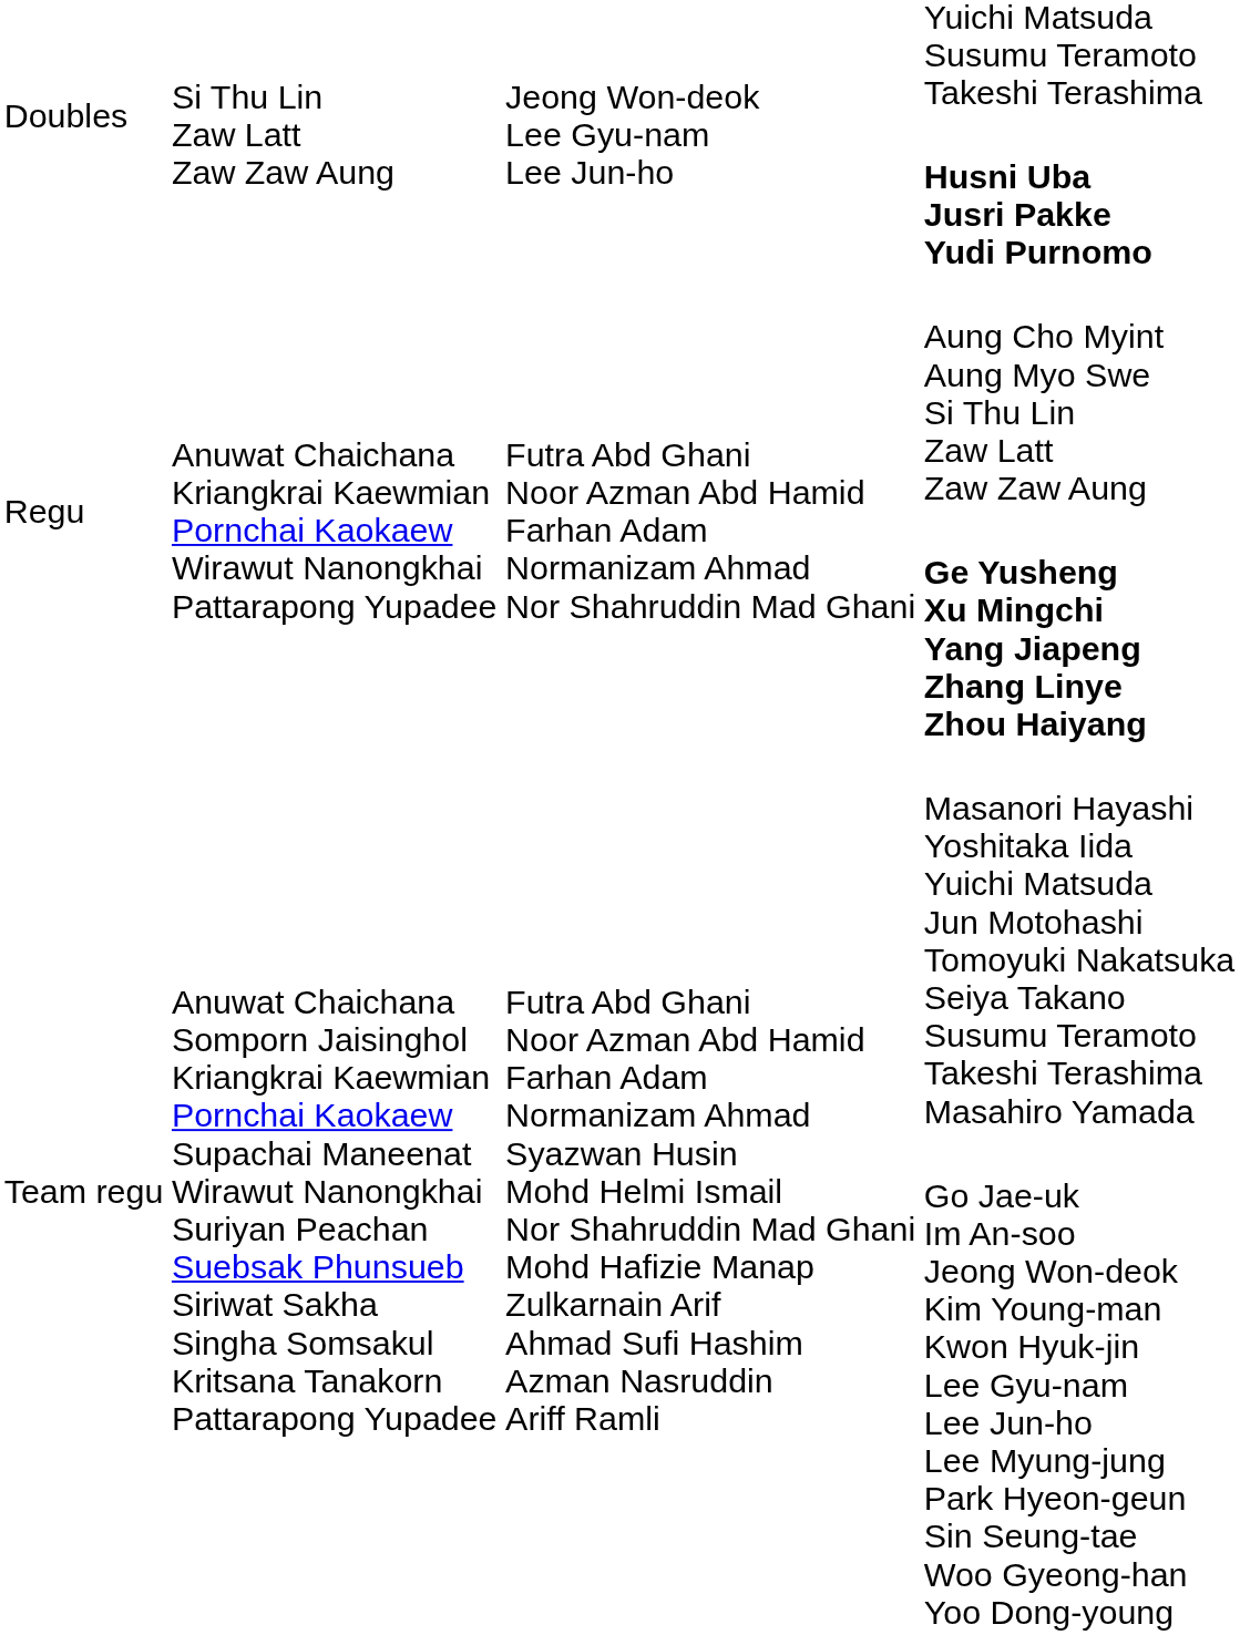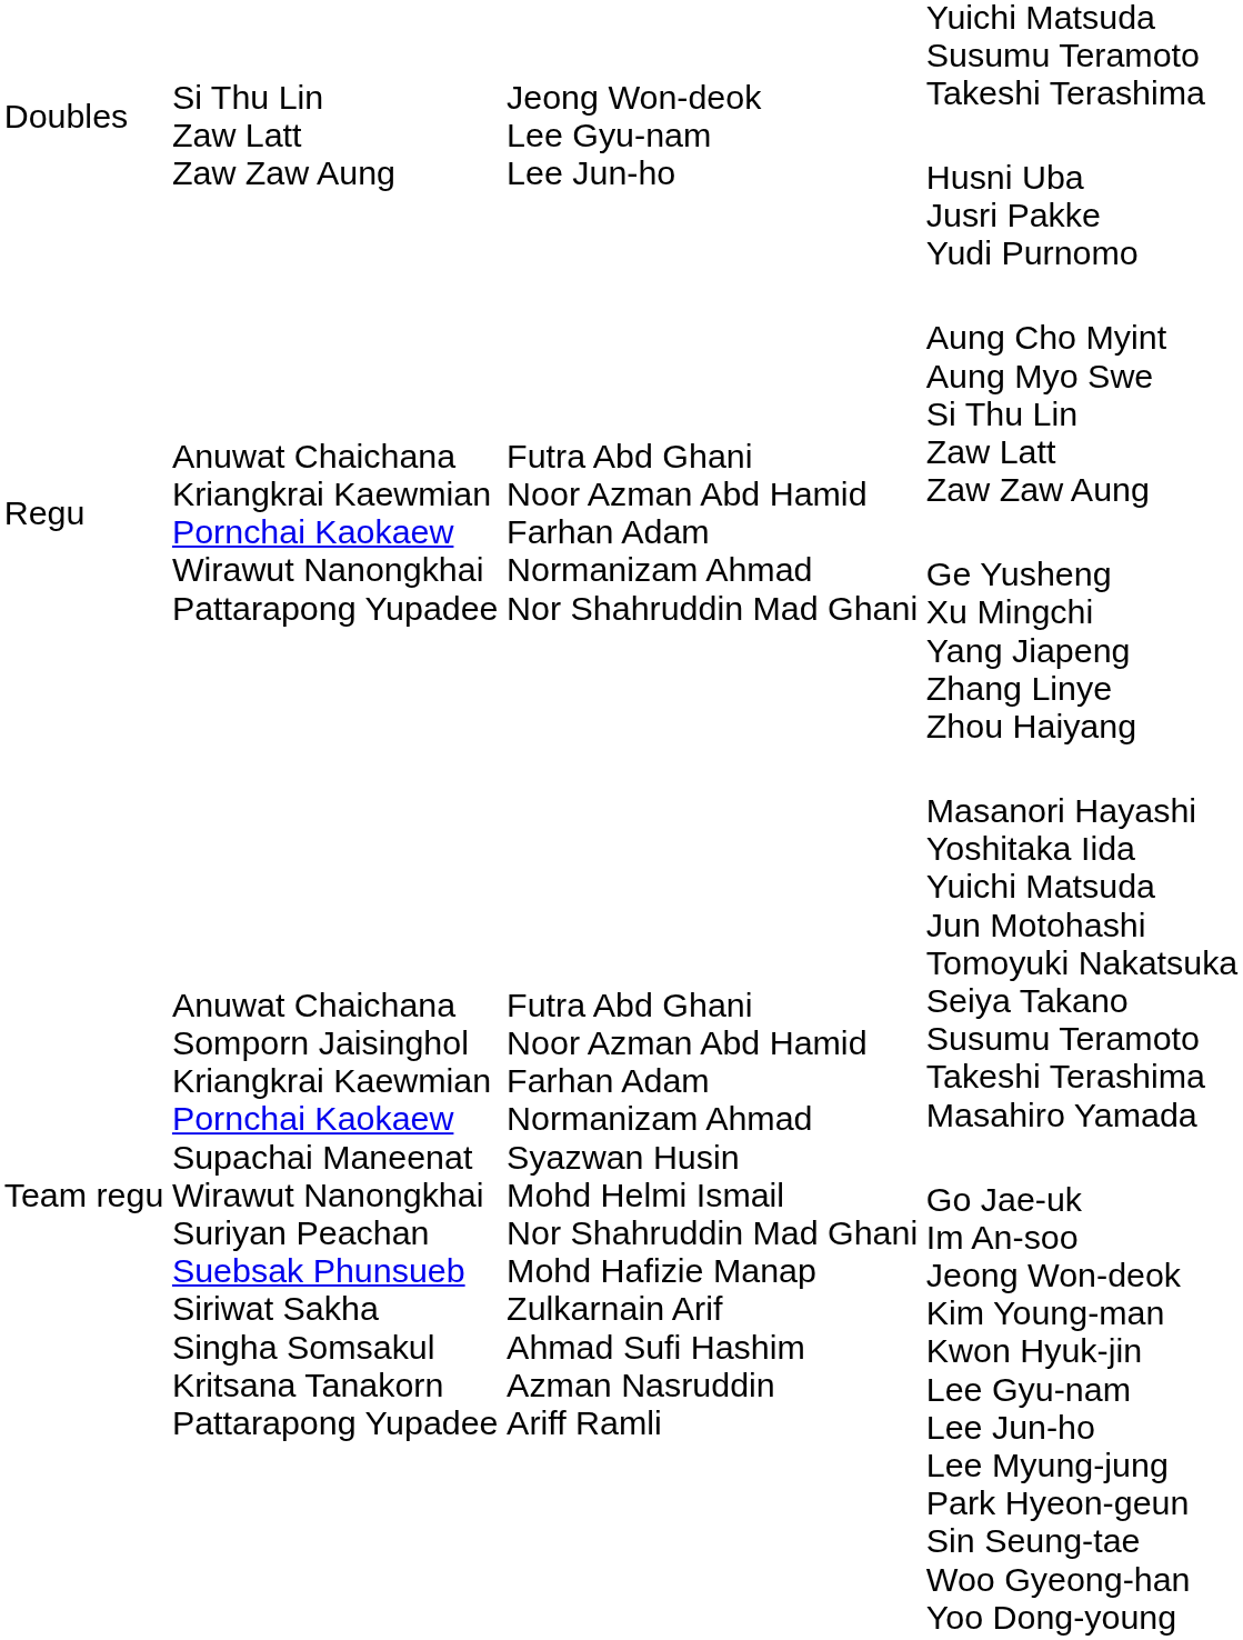 <table>
 <tr>
 <td rowspan=2>Doubles<br></td>
 <td rowspan=2><br>Si Thu Lin<br>Zaw Latt<br>Zaw Zaw Aung</td>
 <td rowspan=2><br>Jeong Won-deok<br>Lee Gyu-nam<br>Lee Jun-ho</td>
 <td><br>Yuichi Matsuda<br>Susumu Teramoto<br>Takeshi Terashima</td>
 </tr>
 <tr>
-<td><strong><br>Husni Uba<br>Jusri Pakke<br>Yudi Purnomo</strong></td>
+<td><br>Husni Uba<br>Jusri Pakke<br>Yudi Purnomo</td>
 </tr>
 <tr>
 <td rowspan=2>Regu<br></td>
 <td rowspan=2><br>Anuwat Chaichana<br>Kriangkrai Kaewmian<br><a href='#'>Pornchai Kaokaew</a><br>Wirawut Nanongkhai<br>Pattarapong Yupadee</td>
 <td rowspan=2><br>Futra Abd Ghani<br>Noor Azman Abd Hamid<br>Farhan Adam<br>Normanizam Ahmad<br>Nor Shahruddin Mad Ghani</td>
 <td><br>Aung Cho Myint<br>Aung Myo Swe<br>Si Thu Lin<br>Zaw Latt<br>Zaw Zaw Aung</td>
 </tr>
 <tr>
-<td><strong><br>Ge Yusheng<br>Xu Mingchi<br>Yang Jiapeng<br>Zhang Linye<br>Zhou Haiyang</strong></td>
+<td><br>Ge Yusheng<br>Xu Mingchi<br>Yang Jiapeng<br>Zhang Linye<br>Zhou Haiyang</td>
 </tr>
 <tr>
 <td rowspan=2>Team regu<br></td>
 <td rowspan=2><br>Anuwat Chaichana<br>Somporn Jaisinghol<br>Kriangkrai Kaewmian<br><a href='#'>Pornchai Kaokaew</a><br>Supachai Maneenat<br>Wirawut Nanongkhai<br>Suriyan Peachan<br><a href='#'>Suebsak Phunsueb</a><br>Siriwat Sakha<br>Singha Somsakul<br>Kritsana Tanakorn<br>Pattarapong Yupadee</td>
 <td rowspan=2><br>Futra Abd Ghani<br>Noor Azman Abd Hamid<br>Farhan Adam<br>Normanizam Ahmad<br>Syazwan Husin<br>Mohd Helmi Ismail<br>Nor Shahruddin Mad Ghani<br>Mohd Hafizie Manap<br>Zulkarnain Arif<br>Ahmad Sufi Hashim<br>Azman Nasruddin<br>Ariff Ramli</td>
 <td><br>Masanori Hayashi<br>Yoshitaka Iida<br>Yuichi Matsuda<br>Jun Motohashi<br>Tomoyuki Nakatsuka<br>Seiya Takano<br>Susumu Teramoto<br>Takeshi Terashima<br>Masahiro Yamada</td>
 </tr>
 <tr>
 <td><br>Go Jae-uk<br>Im An-soo<br>Jeong Won-deok<br>Kim Young-man<br>Kwon Hyuk-jin<br>Lee Gyu-nam<br>Lee Jun-ho<br>Lee Myung-jung<br>Park Hyeon-geun<br>Sin Seung-tae<br>Woo Gyeong-han<br>Yoo Dong-young</td>
 </tr>
 </table>
